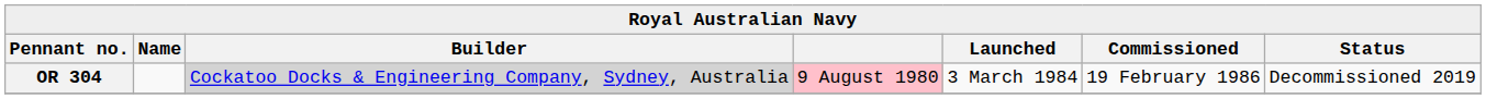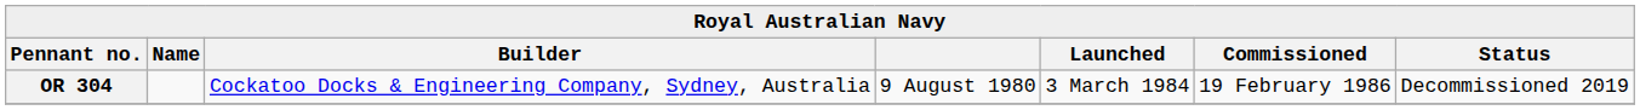 <table border="1" class="wikitable plainrowheaders collapsible">
 <tr>
 <th colspan="7" style="background:#eee;" align="center">Royal Australian Navy</th>
 </tr>
 <tr>
 <th scope="col">Pennant no.</th>
 <th scope="col">Name</th>
 <th scope="col">Builder</th>
 <th scope="col"></th>
 <th scope="col">Launched</th>
 <th scope="col">Commissioned</th>
 <th scope="col">Status</th>
 </tr>
 <tr>
 <th scope="row">OR 304</th>
 <td></td>
-<td align=center style="background: lightgrey;"><a href='#'>Cockatoo Docks & Engineering Company</a>, <a href='#'>Sydney</a>, Australia</td>
-<td style="background: pink;">9 August 1980</td>
+<td align=center><a href='#'>Cockatoo Docks & Engineering Company</a>, <a href='#'>Sydney</a>, Australia</td>
+<td>9 August 1980</td>
 <td>3 March 1984</td>
 <td>19 February 1986</td>
 <td>Decommissioned 2019</td>
 </tr>
 <tr>
 </tr>
 </table>
